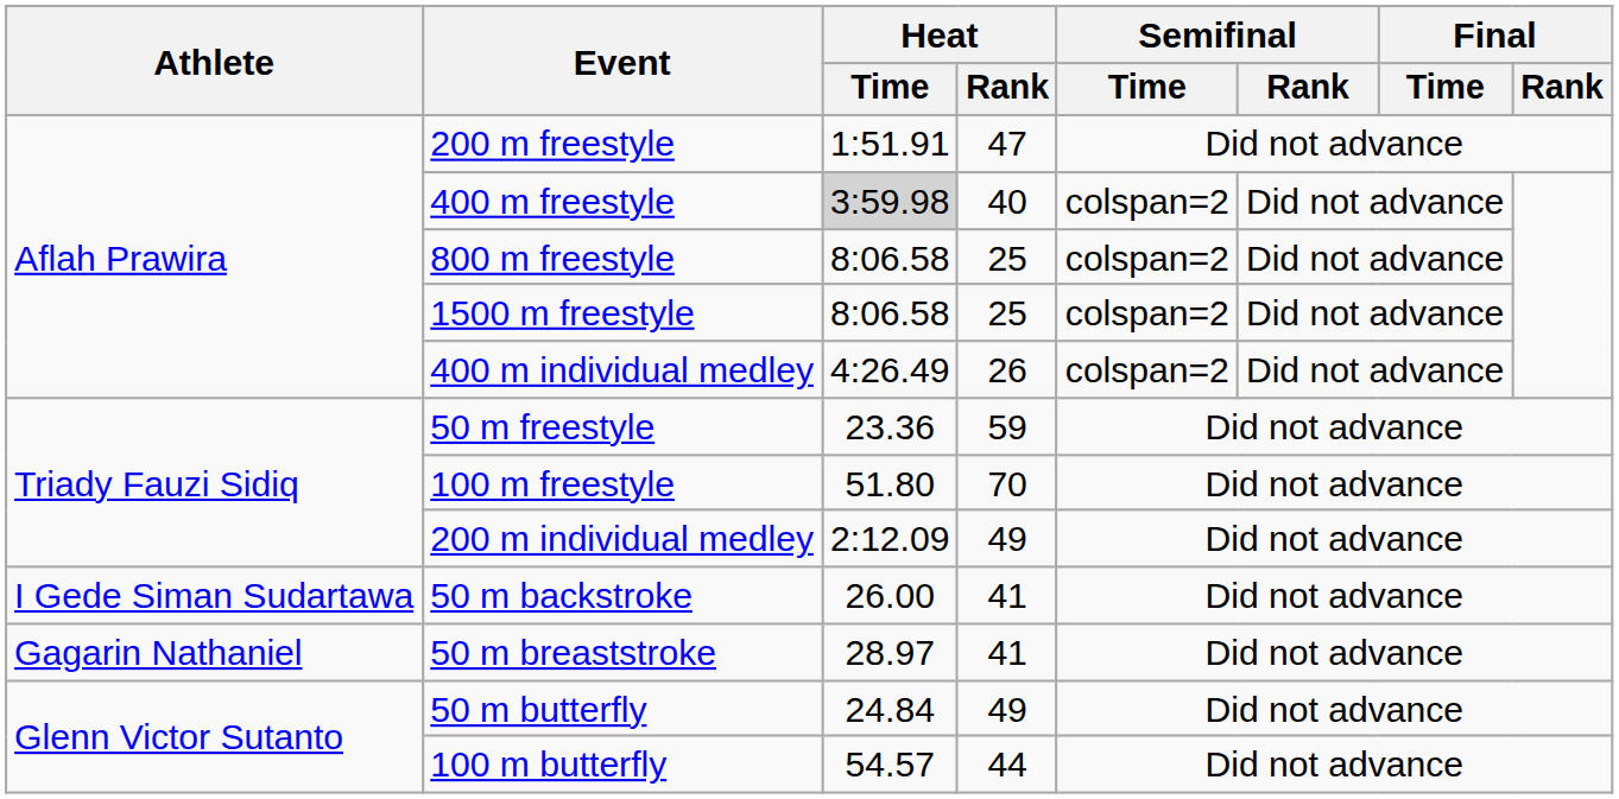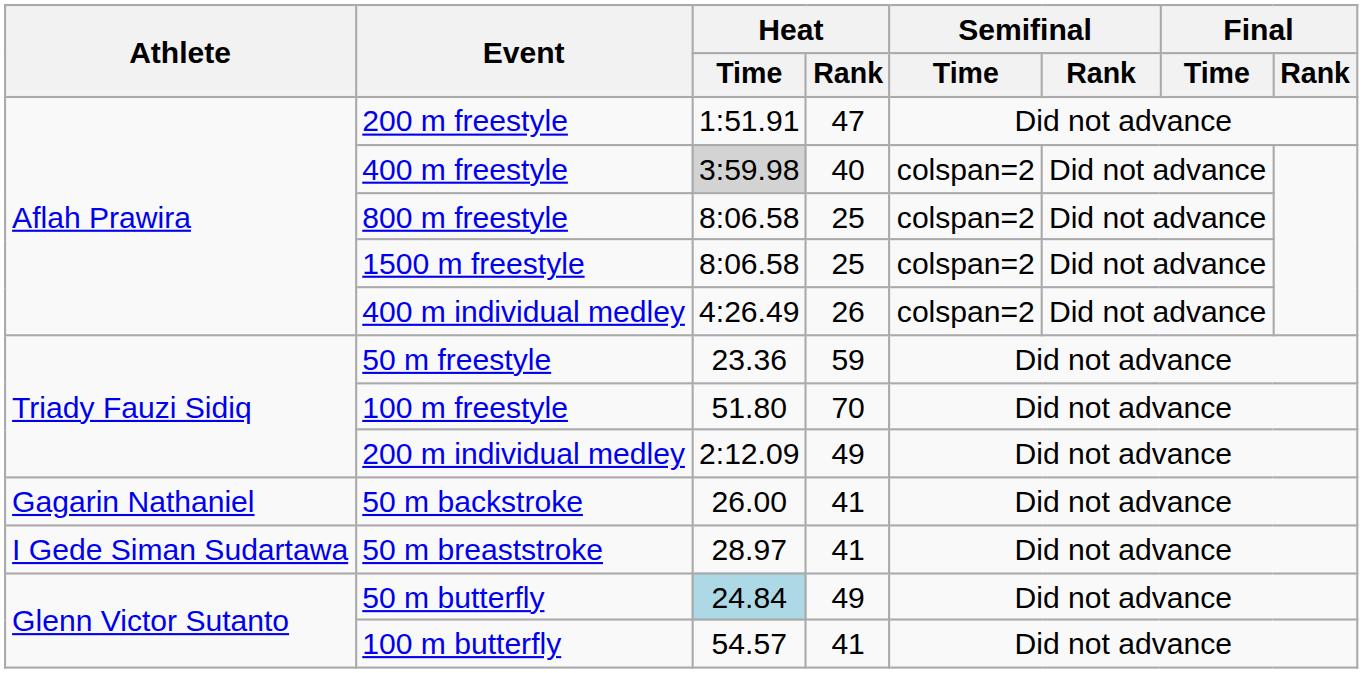 <table class="wikitable" style="text-align:center; font-size:90%">
 <tr>
 <th rowspan="2">Athlete</th>
 <th rowspan="2">Event</th>
 <th colspan="2">Heat</th>
 <th colspan="2">Semifinal</th>
 <th colspan="2">Final</th>
 </tr>
 <tr style="font-size:95%">
 <th>Time</th>
 <th>Rank</th>
 <th>Time</th>
 <th>Rank</th>
 <th>Time</th>
 <th>Rank</th>
 </tr>
 <tr>
 <td rowspan="5" align="left"><a href='#'>Aflah Prawira</a></td>
 <td align="left"><a href='#'>200 m freestyle</a></td>
 <td>1:51.91</td>
 <td>47</td>
 <td colspan="4">Did not advance</td>
 </tr>
 <tr>
 <td align="left"><a href='#'>400 m freestyle</a></td>
 <td style="background: lightgrey;">3:59.98</td>
 <td>40</td>
 <td>colspan=2 </td>
 <td colspan="2">Did not advance</td>
 </tr>
 <tr>
 <td align="left"><a href='#'>800 m freestyle</a></td>
 <td>8:06.58</td>
 <td>25</td>
 <td>colspan=2 </td>
 <td colspan="2">Did not advance</td>
 </tr>
 <tr>
 <td align="left"><a href='#'>1500 m freestyle</a></td>
 <td>8:06.58</td>
 <td>25</td>
 <td>colspan=2 </td>
 <td colspan="2">Did not advance</td>
 </tr>
 <tr>
 <td align="left"><a href='#'>400 m individual medley</a></td>
 <td>4:26.49</td>
 <td>26</td>
 <td>colspan=2 </td>
 <td colspan="2">Did not advance</td>
 </tr>
 <tr>
 <td rowspan="3" align="left"><a href='#'>Triady Fauzi Sidiq</a></td>
 <td align="left"><a href='#'>50 m freestyle</a></td>
 <td>23.36</td>
 <td>59</td>
 <td colspan="4">Did not advance</td>
 </tr>
 <tr>
 <td align="left"><a href='#'>100 m freestyle</a></td>
 <td>51.80</td>
 <td>70</td>
 <td colspan="4">Did not advance</td>
 </tr>
 <tr>
 <td align="left"><a href='#'>200 m individual medley</a></td>
 <td>2:12.09</td>
 <td>49</td>
 <td colspan="4">Did not advance</td>
 </tr>
 <tr>
-<td align="left"><a href='#'>I Gede Siman Sudartawa</a></td>
+<td align=left><a href='#'>Gagarin Nathaniel</a></td>
 <td align="left"><a href='#'>50 m backstroke</a></td>
 <td>26.00</td>
 <td>41</td>
 <td colspan="4">Did not advance</td>
 </tr>
 <tr>
-<td align=left><a href='#'>Gagarin Nathaniel</a></td>
+<td align="left"><a href='#'>I Gede Siman Sudartawa</a></td>
 <td align=left><a href='#'>50 m breaststroke</a></td>
 <td>28.97</td>
 <td>41</td>
 <td colspan=4>Did not advance</td>
 </tr>
 <tr>
 <td align=left rowspan=2><a href='#'>Glenn Victor Sutanto</a></td>
 <td align=left><a href='#'>50 m butterfly</a></td>
-<td>24.84</td>
+<td style="background: lightblue;">24.84</td>
 <td>49</td>
 <td colspan=4>Did not advance</td>
 </tr>
 <tr>
 <td align=left><a href='#'>100 m butterfly</a></td>
 <td>54.57</td>
-<td>44</td>
+<td>41</td>
 <td colspan=4>Did not advance</td>
 </tr>
 </table>
